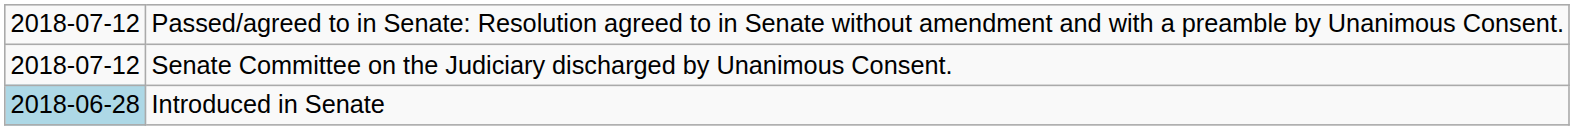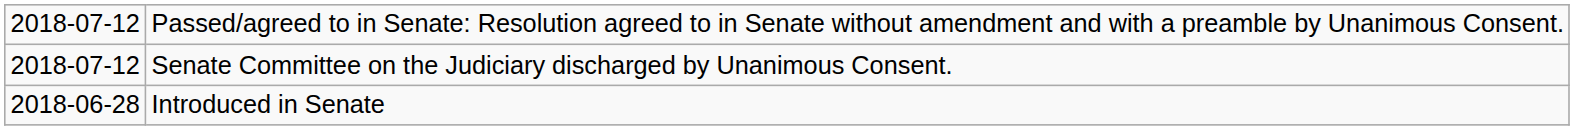 <table class="wikitable">
 <tr>
 <td>2018-07-12</td>
 <td>Passed/agreed to in Senate: Resolution agreed to in Senate without amendment and with a preamble by Unanimous Consent.</td>
 </tr>
 <tr>
 <td>2018-07-12</td>
 <td>Senate Committee on the Judiciary discharged by Unanimous Consent.</td>
 </tr>
 <tr>
-<td style="background: lightblue;">2018-06-28</td>
+<td>2018-06-28</td>
 <td>Introduced in Senate</td>
 </tr>
 </table>
